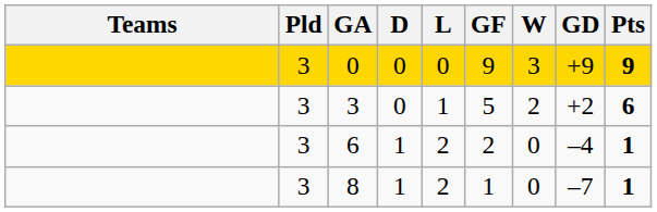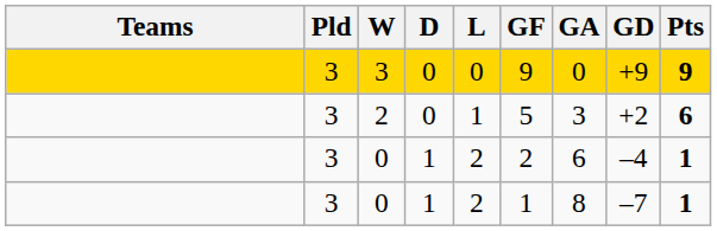 <table class="wikitable" style="text-align: center;">
 <tr>
 <th width=165>Teams</th>
 <th width=20>Pld</th>
-<th width=20>GA</th>
+<th width=20>W</th>
 <th width=20>D</th>
 <th width=20>L</th>
 <th width=20>GF</th>
-<th width=20>W</th>
+<th width=20>GA</th>
 <th width=20>GD</th>
 <th width=20>Pts</th>
 </tr>
 <tr align=center style="background:gold">
 <td style="text-align:left;"></td>
 <td>3</td>
-<td>0</td>
+<td>3</td>
 <td>0</td>
 <td>0</td>
 <td>9</td>
-<td>3</td>
+<td>0</td>
 <td>+9</td>
 <td><strong>9</strong></td>
 </tr>
 <tr align=center>
 <td style="text-align:left;"></td>
 <td>3</td>
-<td>3</td>
+<td>2</td>
 <td>0</td>
 <td>1</td>
 <td>5</td>
-<td>2</td>
+<td>3</td>
 <td>+2</td>
 <td><strong>6</strong></td>
 </tr>
 <tr align=center>
 <td style="text-align:left;"></td>
 <td>3</td>
-<td>6</td>
+<td>0</td>
 <td>1</td>
 <td>2</td>
 <td>2</td>
-<td>0</td>
+<td>6</td>
 <td>–4</td>
 <td><strong>1</strong></td>
 </tr>
 <tr align=center>
 <td style="text-align:left;"></td>
 <td>3</td>
-<td>8</td>
+<td>0</td>
 <td>1</td>
 <td>2</td>
 <td>1</td>
-<td>0</td>
+<td>8</td>
 <td>–7</td>
 <td><strong>1</strong></td>
 </tr>
 </table>
